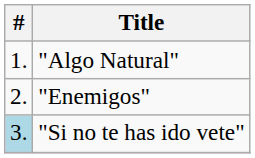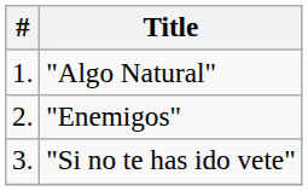 <table class="wikitable">
 <tr>
 <th>#</th>
 <th>Title</th>
 </tr>
 <tr>
 <td>1.</td>
 <td>"Algo Natural"</td>
 </tr>
 <tr>
 <td>2.</td>
 <td>"Enemigos"</td>
 </tr>
 <tr>
-<td style="background: lightblue;">3.</td>
+<td>3.</td>
 <td>"Si no te has ido vete"</td>
 </tr>
 <tr>
 </tr>
 </table>
